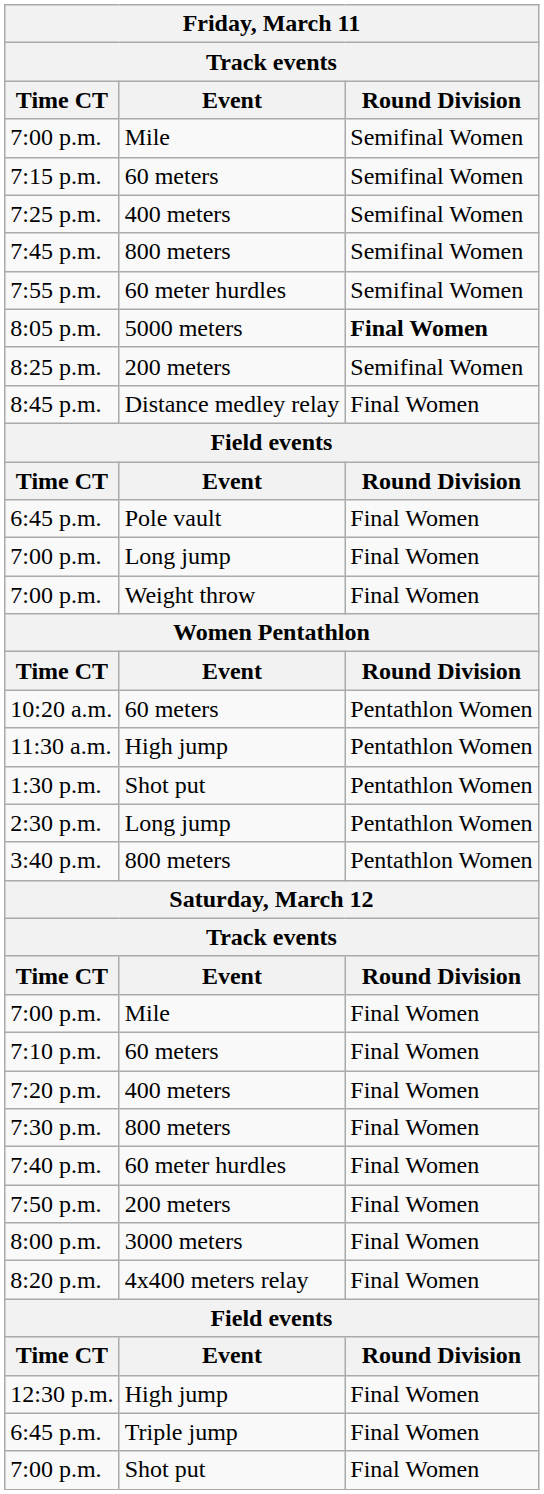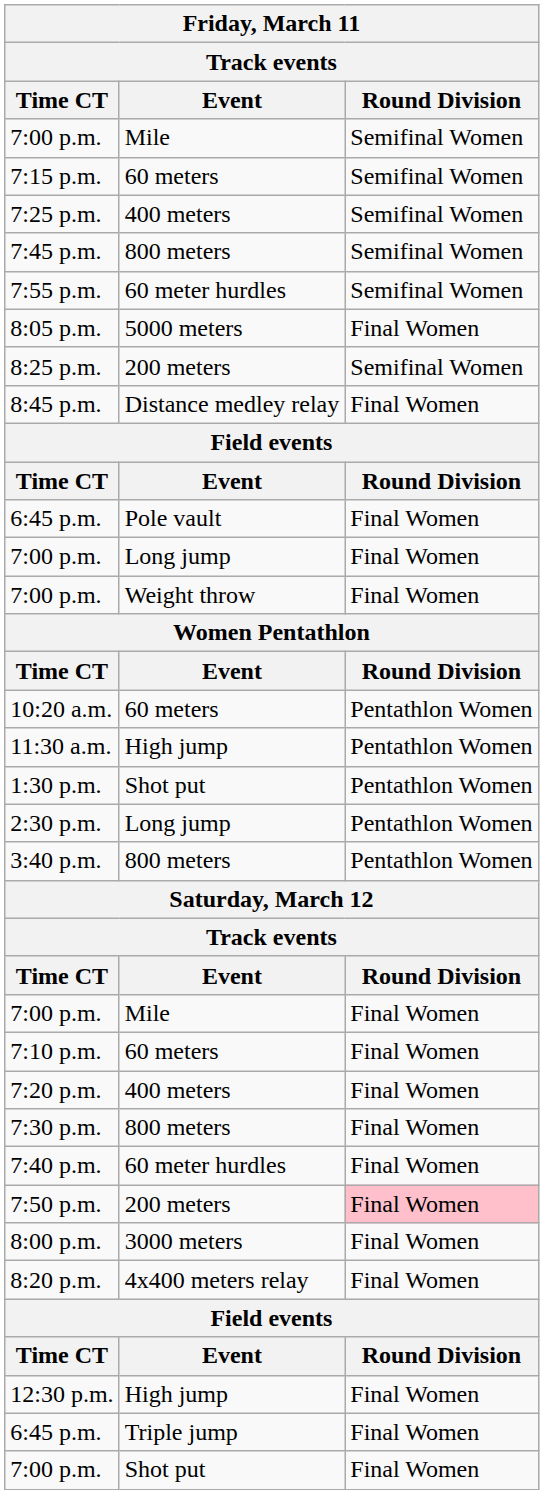 <table class="wikitable collapsible">
 <tr>
 <th colspan="6">Friday, March 11</th>
 </tr>
 <tr>
 <th colspan="6">Track events</th>
 </tr>
 <tr>
 <th>Time CT</th>
 <th>Event</th>
 <th>Round Division</th>
 </tr>
 <tr>
 <td>7:00 p.m.</td>
 <td>Mile</td>
 <td>Semifinal Women</td>
 </tr>
 <tr>
 <td>7:15 p.m.</td>
 <td>60 meters</td>
 <td>Semifinal Women</td>
 </tr>
 <tr>
 <td>7:25 p.m.</td>
 <td>400 meters</td>
 <td>Semifinal Women</td>
 </tr>
 <tr>
 <td>7:45 p.m.</td>
 <td>800 meters</td>
 <td>Semifinal Women</td>
 </tr>
 <tr>
 <td>7:55 p.m.</td>
 <td>60 meter hurdles</td>
 <td>Semifinal Women</td>
 </tr>
 <tr>
 <td>8:05 p.m.</td>
 <td>5000 meters</td>
-<td><strong>Final Women</strong></td>
+<td>Final Women</td>
 </tr>
 <tr>
 <td>8:25 p.m.</td>
 <td>200 meters</td>
 <td>Semifinal Women</td>
 </tr>
 <tr>
 <td>8:45 p.m.</td>
 <td>Distance medley relay</td>
 <td>Final Women</td>
 </tr>
 <tr>
 <th colspan="6">Field events</th>
 </tr>
 <tr>
 <th>Time CT</th>
 <th>Event</th>
 <th>Round Division</th>
 </tr>
 <tr>
 <td>6:45 p.m.</td>
 <td>Pole vault</td>
 <td>Final Women</td>
 </tr>
 <tr>
 <td>7:00 p.m.</td>
 <td>Long jump</td>
 <td>Final Women</td>
 </tr>
 <tr>
 <td>7:00 p.m.</td>
 <td>Weight throw</td>
 <td>Final Women</td>
 </tr>
 <tr>
 <th colspan="6">Women Pentathlon</th>
 </tr>
 <tr>
 <th>Time CT</th>
 <th>Event</th>
 <th>Round Division</th>
 </tr>
 <tr>
 <td>10:20 a.m.</td>
 <td>60 meters</td>
 <td>Pentathlon Women</td>
 </tr>
 <tr>
 <td>11:30 a.m.</td>
 <td>High jump</td>
 <td>Pentathlon Women</td>
 </tr>
 <tr>
 <td>1:30 p.m.</td>
 <td>Shot put</td>
 <td>Pentathlon Women</td>
 </tr>
 <tr>
 <td>2:30 p.m.</td>
 <td>Long jump</td>
 <td>Pentathlon Women</td>
 </tr>
 <tr>
 <td>3:40 p.m.</td>
 <td>800 meters</td>
 <td>Pentathlon Women</td>
 </tr>
 <tr>
 <th colspan="6">Saturday, March 12</th>
 </tr>
 <tr>
 <th colspan="6">Track events</th>
 </tr>
 <tr>
 <th>Time CT</th>
 <th>Event</th>
 <th>Round Division</th>
 </tr>
 <tr>
 <td>7:00 p.m.</td>
 <td>Mile</td>
 <td>Final Women</td>
 </tr>
 <tr>
 <td>7:10 p.m.</td>
 <td>60 meters</td>
 <td>Final Women</td>
 </tr>
 <tr>
 <td>7:20 p.m.</td>
 <td>400 meters</td>
 <td>Final Women</td>
 </tr>
 <tr>
 <td>7:30 p.m.</td>
 <td>800 meters</td>
 <td>Final Women</td>
 </tr>
 <tr>
 <td>7:40 p.m.</td>
 <td>60 meter hurdles</td>
 <td>Final Women</td>
 </tr>
 <tr>
 <td>7:50 p.m.</td>
 <td>200 meters</td>
-<td>Final Women</td>
+<td style="background: pink;">Final Women</td>
 </tr>
 <tr>
 <td>8:00 p.m.</td>
 <td>3000 meters</td>
 <td>Final Women</td>
 </tr>
 <tr>
 <td>8:20 p.m.</td>
 <td>4x400 meters relay</td>
 <td>Final Women</td>
 </tr>
 <tr>
 <th colspan="6">Field events</th>
 </tr>
 <tr>
 <th>Time CT</th>
 <th>Event</th>
 <th>Round Division</th>
 </tr>
 <tr>
 <td>12:30 p.m.</td>
 <td>High jump</td>
 <td>Final Women</td>
 </tr>
 <tr>
 <td>6:45 p.m.</td>
 <td>Triple jump</td>
 <td>Final Women</td>
 </tr>
 <tr>
 <td>7:00 p.m.</td>
 <td>Shot put</td>
 <td>Final Women</td>
 </tr>
 </table>
